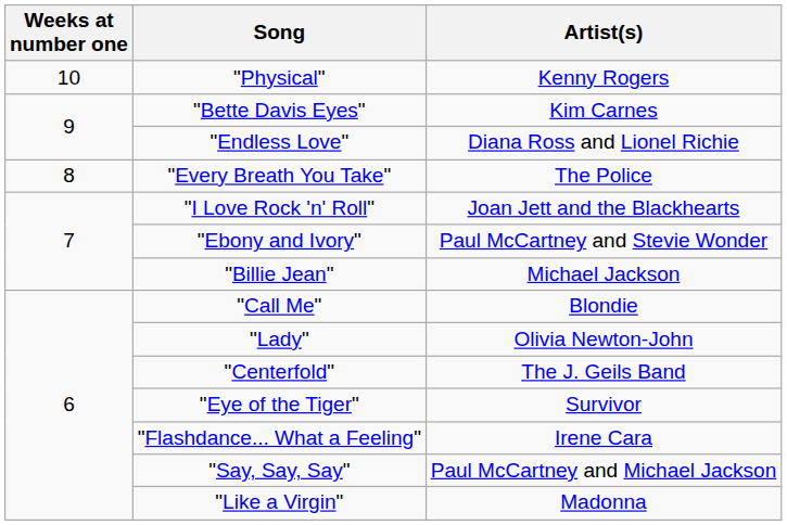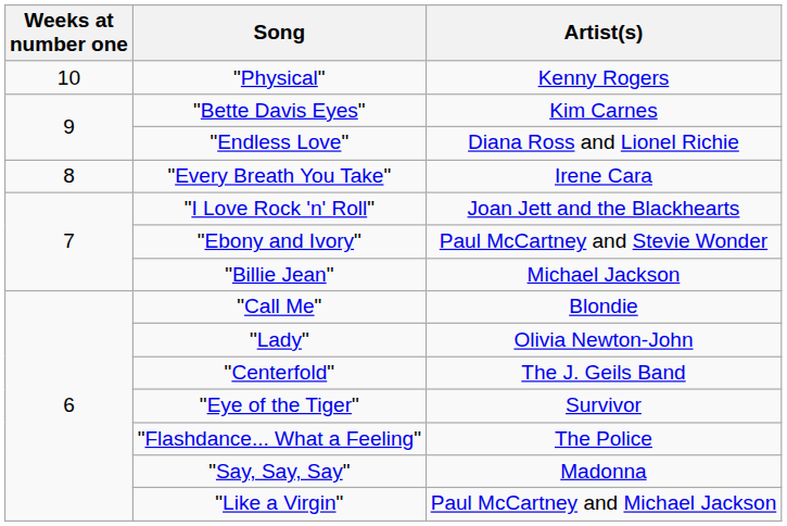 <table class="wikitable sortable" style="text-align:center;">
 <tr>
 <th>Weeks at<br>number one</th>
 <th>Song</th>
 <th>Artist(s)</th>
 </tr>
 <tr>
 <td>10</td>
 <td>"<a href='#'>Physical</a>"</td>
 <td><a href='#'>Kenny Rogers</a></td>
 </tr>
 <tr>
 <td rowspan="2">9</td>
 <td>"<a href='#'>Bette Davis Eyes</a>"</td>
 <td><a href='#'>Kim Carnes</a></td>
 </tr>
 <tr>
 <td>"<a href='#'>Endless Love</a>"</td>
 <td><a href='#'>Diana Ross</a> and <a href='#'>Lionel Richie</a></td>
 </tr>
 <tr>
 <td>8</td>
 <td>"<a href='#'>Every Breath You Take</a>"</td>
-<td><a href='#'>The Police</a></td>
+<td><a href='#'>Irene Cara</a></td>
 </tr>
 <tr>
 <td rowspan="3">7</td>
 <td>"<a href='#'>I Love Rock 'n' Roll</a>"</td>
 <td><a href='#'>Joan Jett and the Blackhearts</a></td>
 </tr>
 <tr>
 <td>"<a href='#'>Ebony and Ivory</a>"</td>
 <td><a href='#'>Paul McCartney</a> and <a href='#'>Stevie Wonder</a></td>
 </tr>
 <tr>
 <td>"<a href='#'>Billie Jean</a>"</td>
 <td><a href='#'>Michael Jackson</a></td>
 </tr>
 <tr>
 <td rowspan="7">6</td>
 <td>"<a href='#'>Call Me</a>"</td>
 <td><a href='#'>Blondie</a></td>
 </tr>
 <tr>
 <td>"<a href='#'>Lady</a>"</td>
 <td><a href='#'>Olivia Newton-John</a></td>
 </tr>
 <tr>
 <td>"<a href='#'>Centerfold</a>"</td>
 <td><a href='#'>The J. Geils Band</a></td>
 </tr>
 <tr>
 <td>"<a href='#'>Eye of the Tiger</a>"</td>
 <td><a href='#'>Survivor</a></td>
 </tr>
 <tr>
 <td>"<a href='#'>Flashdance... What a Feeling</a>"</td>
-<td><a href='#'>Irene Cara</a></td>
+<td><a href='#'>The Police</a></td>
 </tr>
 <tr>
 <td>"<a href='#'>Say, Say, Say</a>"</td>
-<td><a href='#'>Paul McCartney</a> and <a href='#'>Michael Jackson</a></td>
+<td><a href='#'>Madonna</a></td>
 </tr>
 <tr>
 <td>"<a href='#'>Like a Virgin</a>"</td>
-<td><a href='#'>Madonna</a></td>
+<td><a href='#'>Paul McCartney</a> and <a href='#'>Michael Jackson</a></td>
 </tr>
 </table>
